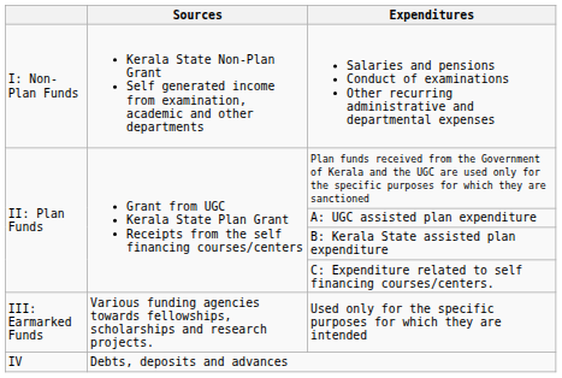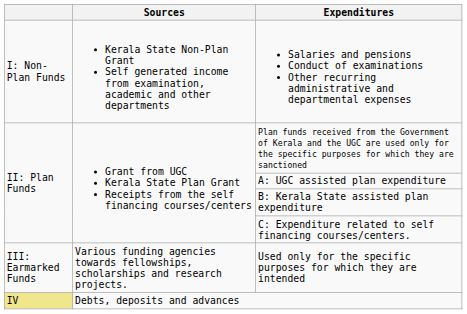 <table class="wikitable">
 <tr>
 <th></th>
 <th>Sources</th>
 <th>Expenditures</th>
 </tr>
 <tr>
 <td>I:  Non-Plan Funds</td>
 <td><br><ul><li>Kerala State Non-Plan Grant</li><li>Self generated income from examination, academic and other departments</li></ul></td>
 <td><br><ul><li>Salaries and pensions</li><li>Conduct of examinations</li><li>Other recurring administrative and departmental expenses</li></ul></td>
 </tr>
 <tr>
 <td rowspan="4">II: Plan Funds</td>
 <td rowspan="4"><br><ul><li>Grant from UGC</li><li>Kerala State Plan Grant</li><li>Receipts from the self financing courses/centers</li></ul></td>
 <td><small>Plan funds received from the Government of Kerala and the UGC are used only for the specific purposes for which they are sanctioned</small></td>
 </tr>
 <tr>
 <td>A:  UGC assisted plan expenditure</td>
 </tr>
 <tr>
 <td>B: Kerala State assisted plan expenditure</td>
 </tr>
 <tr>
 <td>C: Expenditure related to self financing courses/centers.</td>
 </tr>
 <tr>
 <td>III: Earmarked Funds</td>
 <td>Various funding agencies towards fellowships, scholarships and research projects.</td>
 <td>Used only for the specific purposes for which they are intended</td>
 </tr>
 <tr>
-<td>IV</td>
+<td style="background: khaki;">IV</td>
 <td colspan="2">Debts, deposits and advances</td>
 </tr>
 </table>
